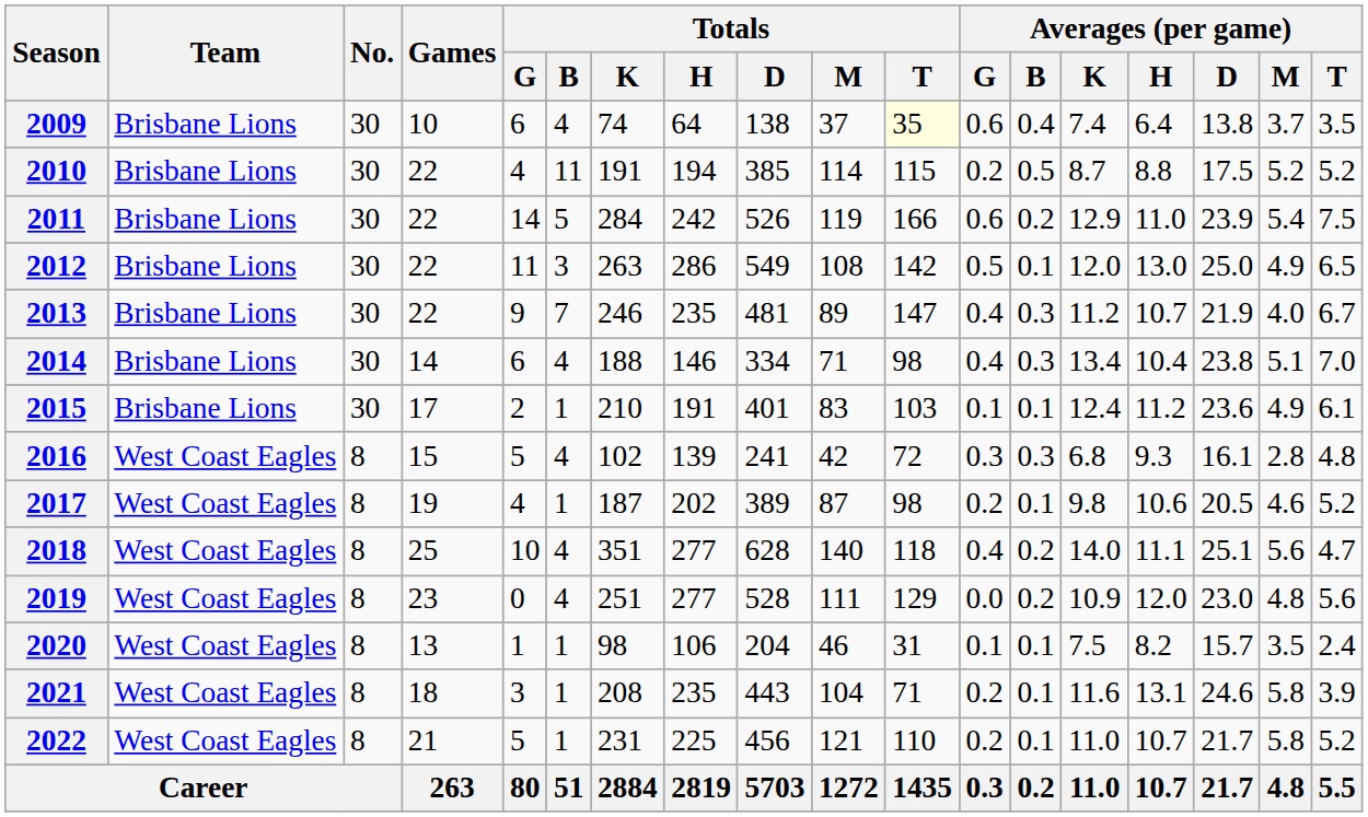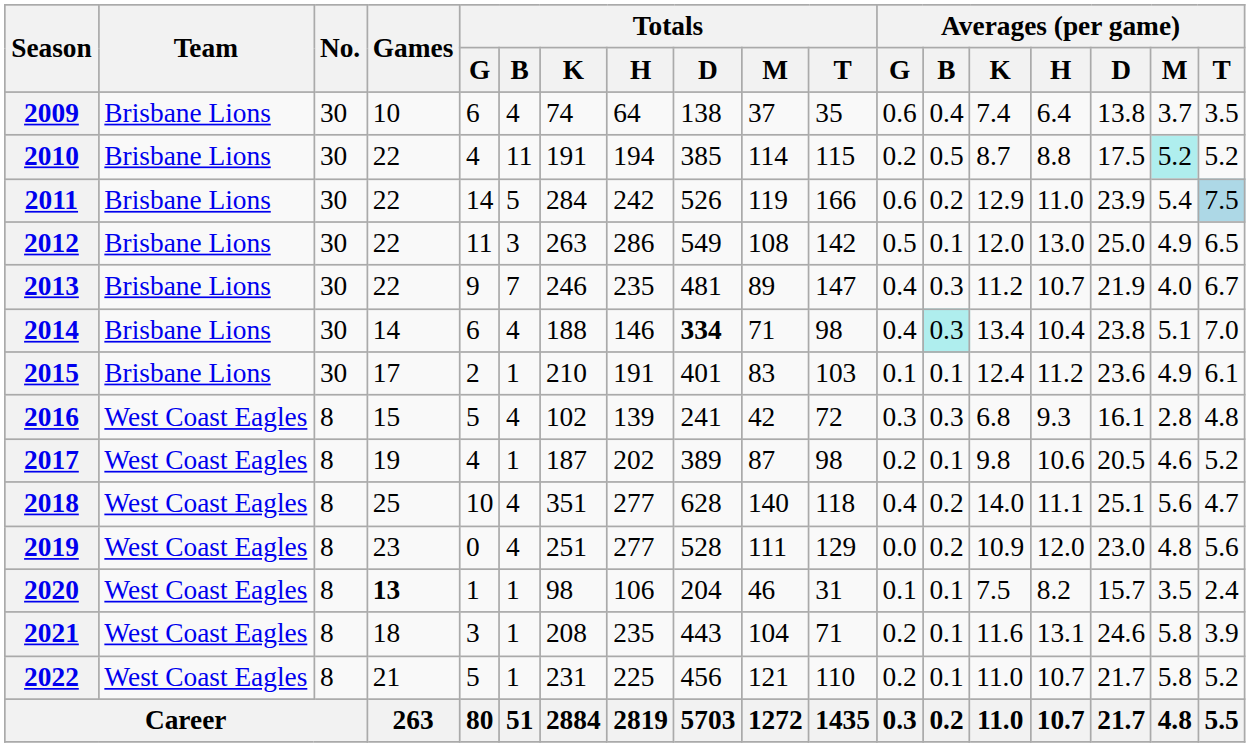 <table class="wikitable">
 <tr>
 <th rowspan="2">Season</th>
 <th rowspan="2">Team</th>
 <th rowspan="2">No.</th>
 <th rowspan="2">Games</th>
 <th colspan="7">Totals</th>
 <th colspan="7">Averages (per game)</th>
 </tr>
 <tr>
 <th>G</th>
 <th>B</th>
 <th>K</th>
 <th>H</th>
 <th>D</th>
 <th>M</th>
 <th>T</th>
 <th>G</th>
 <th>B</th>
 <th>K</th>
 <th>H</th>
 <th>D</th>
 <th>M</th>
 <th>T</th>
 </tr>
 <tr>
 <th><a href='#'>2009</a></th>
 <td><a href='#'>Brisbane Lions</a></td>
 <td>30</td>
 <td>10</td>
 <td>6</td>
 <td>4</td>
 <td>74</td>
 <td>64</td>
 <td>138</td>
 <td>37</td>
-<td style="background: lightyellow;">35</td>
+<td>35</td>
 <td>0.6</td>
 <td>0.4</td>
 <td>7.4</td>
 <td>6.4</td>
 <td>13.8</td>
 <td>3.7</td>
 <td>3.5</td>
 </tr>
 <tr>
 <th><a href='#'>2010</a></th>
 <td><a href='#'>Brisbane Lions</a></td>
 <td>30</td>
 <td>22</td>
 <td>4</td>
 <td>11</td>
 <td>191</td>
 <td>194</td>
 <td>385</td>
 <td>114</td>
 <td>115</td>
 <td>0.2</td>
 <td>0.5</td>
 <td>8.7</td>
 <td>8.8</td>
 <td>17.5</td>
-<td>5.2</td>
+<td style="background: paleturquoise;">5.2</td>
 <td>5.2</td>
 </tr>
 <tr>
 <th><a href='#'>2011</a></th>
 <td><a href='#'>Brisbane Lions</a></td>
 <td>30</td>
 <td>22</td>
 <td>14</td>
 <td>5</td>
 <td>284</td>
 <td>242</td>
 <td>526</td>
 <td>119</td>
 <td>166</td>
 <td>0.6</td>
 <td>0.2</td>
 <td>12.9</td>
 <td>11.0</td>
 <td>23.9</td>
 <td>5.4</td>
-<td>7.5</td>
+<td style="background: lightblue;">7.5</td>
 </tr>
 <tr>
 <th><a href='#'>2012</a></th>
 <td><a href='#'>Brisbane Lions</a></td>
 <td>30</td>
 <td>22</td>
 <td>11</td>
 <td>3</td>
 <td>263</td>
 <td>286</td>
 <td>549</td>
 <td>108</td>
 <td>142</td>
 <td>0.5</td>
 <td>0.1</td>
 <td>12.0</td>
 <td>13.0</td>
 <td>25.0</td>
 <td>4.9</td>
 <td>6.5</td>
 </tr>
 <tr>
 <th><a href='#'>2013</a></th>
 <td><a href='#'>Brisbane Lions</a></td>
 <td>30</td>
 <td>22</td>
 <td>9</td>
 <td>7</td>
 <td>246</td>
 <td>235</td>
 <td>481</td>
 <td>89</td>
 <td>147</td>
 <td>0.4</td>
 <td>0.3</td>
 <td>11.2</td>
 <td>10.7</td>
 <td>21.9</td>
 <td>4.0</td>
 <td>6.7</td>
 </tr>
 <tr>
 <th><a href='#'>2014</a></th>
 <td><a href='#'>Brisbane Lions</a></td>
 <td>30</td>
 <td>14</td>
 <td>6</td>
 <td>4</td>
 <td>188</td>
 <td>146</td>
-<td>334</td>
+<td><strong>334</strong></td>
 <td>71</td>
 <td>98</td>
 <td>0.4</td>
-<td>0.3</td>
+<td style="background: paleturquoise;">0.3</td>
 <td>13.4</td>
 <td>10.4</td>
 <td>23.8</td>
 <td>5.1</td>
 <td>7.0</td>
 </tr>
 <tr>
 <th><a href='#'>2015</a></th>
 <td><a href='#'>Brisbane Lions</a></td>
 <td>30</td>
 <td>17</td>
 <td>2</td>
 <td>1</td>
 <td>210</td>
 <td>191</td>
 <td>401</td>
 <td>83</td>
 <td>103</td>
 <td>0.1</td>
 <td>0.1</td>
 <td>12.4</td>
 <td>11.2</td>
 <td>23.6</td>
 <td>4.9</td>
 <td>6.1</td>
 </tr>
 <tr>
 <th><a href='#'>2016</a></th>
 <td><a href='#'>West Coast Eagles</a></td>
 <td>8</td>
 <td>15</td>
 <td>5</td>
 <td>4</td>
 <td>102</td>
 <td>139</td>
 <td>241</td>
 <td>42</td>
 <td>72</td>
 <td>0.3</td>
 <td>0.3</td>
 <td>6.8</td>
 <td>9.3</td>
 <td>16.1</td>
 <td>2.8</td>
 <td>4.8</td>
 </tr>
 <tr>
 <th><a href='#'>2017</a></th>
 <td><a href='#'>West Coast Eagles</a></td>
 <td>8</td>
 <td>19</td>
 <td>4</td>
 <td>1</td>
 <td>187</td>
 <td>202</td>
 <td>389</td>
 <td>87</td>
 <td>98</td>
 <td>0.2</td>
 <td>0.1</td>
 <td>9.8</td>
 <td>10.6</td>
 <td>20.5</td>
 <td>4.6</td>
 <td>5.2</td>
 </tr>
 <tr>
 <th><a href='#'>2018</a></th>
 <td><a href='#'>West Coast Eagles</a></td>
 <td>8</td>
 <td>25</td>
 <td>10</td>
 <td>4</td>
 <td>351</td>
 <td>277</td>
 <td>628</td>
 <td>140</td>
 <td>118</td>
 <td>0.4</td>
 <td>0.2</td>
 <td>14.0</td>
 <td>11.1</td>
 <td>25.1</td>
 <td>5.6</td>
 <td>4.7</td>
 </tr>
 <tr>
 <th><a href='#'>2019</a></th>
 <td><a href='#'>West Coast Eagles</a></td>
 <td>8</td>
 <td>23</td>
 <td>0</td>
 <td>4</td>
 <td>251</td>
 <td>277</td>
 <td>528</td>
 <td>111</td>
 <td>129</td>
 <td>0.0</td>
 <td>0.2</td>
 <td>10.9</td>
 <td>12.0</td>
 <td>23.0</td>
 <td>4.8</td>
 <td>5.6</td>
 </tr>
 <tr>
 <th><a href='#'>2020</a></th>
 <td><a href='#'>West Coast Eagles</a></td>
 <td>8</td>
-<td>13</td>
+<td><strong>13</strong></td>
 <td>1</td>
 <td>1</td>
 <td>98</td>
 <td>106</td>
 <td>204</td>
 <td>46</td>
 <td>31</td>
 <td>0.1</td>
 <td>0.1</td>
 <td>7.5</td>
 <td>8.2</td>
 <td>15.7</td>
 <td>3.5</td>
 <td>2.4</td>
 </tr>
 <tr>
 <th><a href='#'>2021</a></th>
 <td><a href='#'>West Coast Eagles</a></td>
 <td>8</td>
 <td>18</td>
 <td>3</td>
 <td>1</td>
 <td>208</td>
 <td>235</td>
 <td>443</td>
 <td>104</td>
 <td>71</td>
 <td>0.2</td>
 <td>0.1</td>
 <td>11.6</td>
 <td>13.1</td>
 <td>24.6</td>
 <td>5.8</td>
 <td>3.9</td>
 </tr>
 <tr>
 <th><a href='#'>2022</a></th>
 <td><a href='#'>West Coast Eagles</a></td>
 <td>8</td>
 <td>21</td>
 <td>5</td>
 <td>1</td>
 <td>231</td>
 <td>225</td>
 <td>456</td>
 <td>121</td>
 <td>110</td>
 <td>0.2</td>
 <td>0.1</td>
 <td>11.0</td>
 <td>10.7</td>
 <td>21.7</td>
 <td>5.8</td>
 <td>5.2</td>
 </tr>
 <tr>
 <th colspan="3">Career</th>
 <th>263</th>
 <th>80</th>
 <th>51</th>
 <th>2884</th>
 <th>2819</th>
 <th>5703</th>
 <th>1272</th>
 <th>1435</th>
 <th>0.3</th>
 <th>0.2</th>
 <th>11.0</th>
 <th>10.7</th>
 <th>21.7</th>
 <th>4.8</th>
 <th>5.5</th>
 </tr>
 </table>
